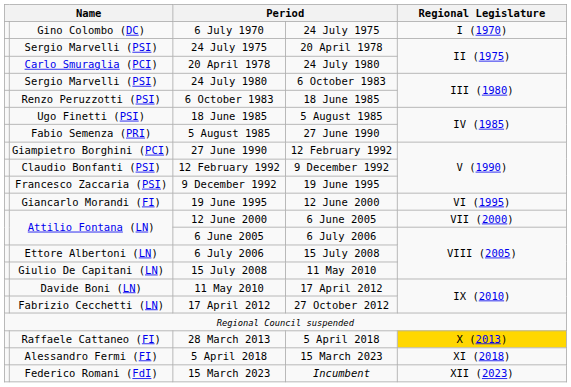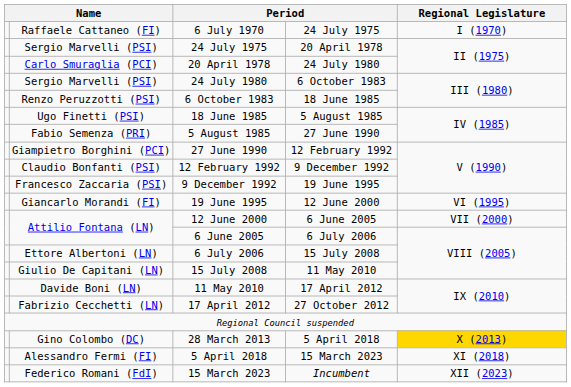 <table class="wikitable">
 <tr>
 <th width="30%" colspan=2>Name</th>
 <th width="40%" colspan=2>Period</th>
 <th width="30%">Regional Legislature</th>
 </tr>
 <tr align=center>
 <td style="background:"></td>
-<td>Gino Colombo (<a href='#'>DC</a>)</td>
+<td>Raffaele Cattaneo (<a href='#'>FI</a>)</td>
 <td>6 July 1970</td>
 <td>24 July 1975</td>
 <td>I (<a href='#'>1970</a>)</td>
 </tr>
 <tr align=center>
 <td style="background:"></td>
 <td>Sergio Marvelli (<a href='#'>PSI</a>)</td>
 <td>24 July 1975</td>
 <td>20 April 1978</td>
 <td rowspan=2>II (<a href='#'>1975</a>)</td>
 </tr>
 <tr align=center>
 <td style="background:"></td>
 <td><a href='#'>Carlo Smuraglia</a> (<a href='#'>PCI</a>)</td>
 <td>20 April 1978</td>
 <td>24 July 1980</td>
 </tr>
 <tr align=center>
 <td style="background:"></td>
 <td>Sergio Marvelli (<a href='#'>PSI</a>)</td>
 <td>24 July 1980</td>
 <td>6 October 1983</td>
 <td rowspan=2>III (<a href='#'>1980</a>)</td>
 </tr>
 <tr align=center>
 <td style="background:"></td>
 <td>Renzo Peruzzotti (<a href='#'>PSI</a>)</td>
 <td>6 October 1983</td>
 <td>18 June 1985</td>
 </tr>
 <tr align=center>
 <td style="background:"></td>
 <td>Ugo Finetti (<a href='#'>PSI</a>)</td>
 <td>18 June 1985</td>
 <td>5 August 1985</td>
 <td rowspan=2>IV (<a href='#'>1985</a>)</td>
 </tr>
 <tr align=center>
 <td style="background:"></td>
 <td>Fabio Semenza (<a href='#'>PRI</a>)</td>
 <td>5 August 1985</td>
 <td>27 June 1990</td>
 </tr>
 <tr align=center>
 <td style="background:"></td>
 <td>Giampietro Borghini (<a href='#'>PCI</a>)</td>
 <td>27 June 1990</td>
 <td>12 February 1992</td>
 <td rowspan=3>V (<a href='#'>1990</a>)</td>
 </tr>
 <tr align=center>
 <td style="background:"></td>
 <td>Claudio Bonfanti (<a href='#'>PSI</a>)</td>
 <td>12 February 1992</td>
 <td>9 December 1992</td>
 </tr>
 <tr align=center>
 <td style="background:"></td>
 <td>Francesco Zaccaria (<a href='#'>PSI</a>)</td>
 <td>9 December 1992</td>
 <td>19 June 1995</td>
 </tr>
 <tr align=center>
 <td style="background:"></td>
 <td>Giancarlo Morandi (<a href='#'>FI</a>)</td>
 <td>19 June 1995</td>
 <td>12 June 2000</td>
 <td>VI (<a href='#'>1995</a>)</td>
 </tr>
 <tr align=center>
 <td rowspan="2" style="background:"></td>
 <td rowspan="2"><a href='#'>Attilio Fontana</a> (<a href='#'>LN</a>)</td>
 <td>12 June 2000</td>
 <td>6 June 2005</td>
 <td>VII (<a href='#'>2000</a>)</td>
 </tr>
 <tr align=center>
 <td>6 June 2005</td>
 <td>6 July 2006</td>
 <td rowspan="3">VIII (<a href='#'>2005</a>)</td>
 </tr>
 <tr align=center>
 <td style="background:"></td>
 <td>Ettore Albertoni (<a href='#'>LN</a>)</td>
 <td>6 July 2006</td>
 <td>15 July 2008</td>
 </tr>
 <tr align=center>
 <td style="background:"></td>
 <td>Giulio De Capitani (<a href='#'>LN</a>)</td>
 <td>15 July 2008</td>
 <td>11 May 2010</td>
 </tr>
 <tr align=center>
 <td style="background:"></td>
 <td>Davide Boni (<a href='#'>LN</a>)</td>
 <td>11 May 2010</td>
 <td>17 April 2012</td>
 <td rowspan="2">IX (<a href='#'>2010</a>)</td>
 </tr>
 <tr align=center>
 <td style="background:"></td>
 <td>Fabrizio Cecchetti (<a href='#'>LN</a>)</td>
 <td>17 April 2012</td>
 <td>27 October 2012</td>
 </tr>
 <tr align=center>
 <td colspan=5><small><em>Regional Council suspended</em></small></td>
 </tr>
 <tr align=center>
 <td style="background:"></td>
-<td>Raffaele Cattaneo (<a href='#'>FI</a>)</td>
+<td>Gino Colombo (<a href='#'>DC</a>)</td>
 <td>28 March 2013</td>
 <td>5 April 2018</td>
 <td style="background: gold;">X (<a href='#'>2013</a>)</td>
 </tr>
 <tr align=center>
 <td style="background:"></td>
 <td>Alessandro Fermi (<a href='#'>FI</a>)</td>
 <td>5 April 2018</td>
 <td>15 March 2023</td>
 <td>XI (<a href='#'>2018</a>)</td>
 </tr>
 <tr align=center>
 <td style="background:"></td>
 <td>Federico Romani (<a href='#'>FdI</a>)</td>
 <td>15 March 2023</td>
 <td><em>Incumbent</em></td>
 <td>XII (<a href='#'>2023</a>)</td>
 </tr>
 </table>
